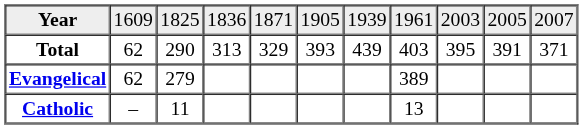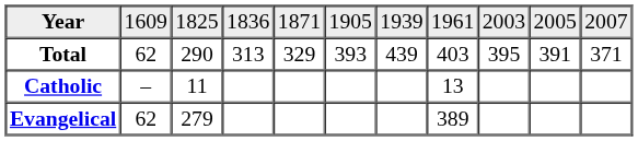 <table border="1" cellpadding="2" cellspacing="0" width="400">
 <tr bgcolor="#eeeeee" align="center">
 <td><strong>Year</strong></td>
 <td>1609</td>
 <td>1825</td>
 <td>1836</td>
 <td>1871</td>
 <td>1905</td>
 <td>1939</td>
 <td>1961</td>
 <td>2003</td>
 <td>2005</td>
 <td>2007</td>
 </tr>
 <tr align="center">
 <td><strong>Total</strong></td>
 <td>62</td>
 <td>290</td>
 <td>313</td>
 <td>329</td>
 <td>393</td>
 <td>439</td>
 <td>403</td>
 <td>395</td>
 <td>391</td>
 <td>371</td>
 </tr>
 <tr align="center">
+<td><strong><a href='#'>Catholic</a></strong></td>
+<td>–</td>
+<td>11</td>
+<td> </td>
+<td> </td>
+<td> </td>
+<td> </td>
+<td>13</td>
+<td> </td>
+<td> </td>
+<td> </td>
+</tr>
+<tr align="center">
 <td><strong><a href='#'>Evangelical</a></strong></td>
 <td>62</td>
 <td>279</td>
 <td> </td>
 <td> </td>
 <td> </td>
 <td> </td>
 <td>389</td>
 <td> </td>
 <td> </td>
 <td> </td>
 </tr>
-<tr align="center">
-<td><strong><a href='#'>Catholic</a></strong></td>
-<td>–</td>
-<td>11</td>
-<td> </td>
-<td> </td>
-<td> </td>
-<td> </td>
-<td>13</td>
-<td> </td>
-<td> </td>
-<td> </td>
-</tr>
 </table>
